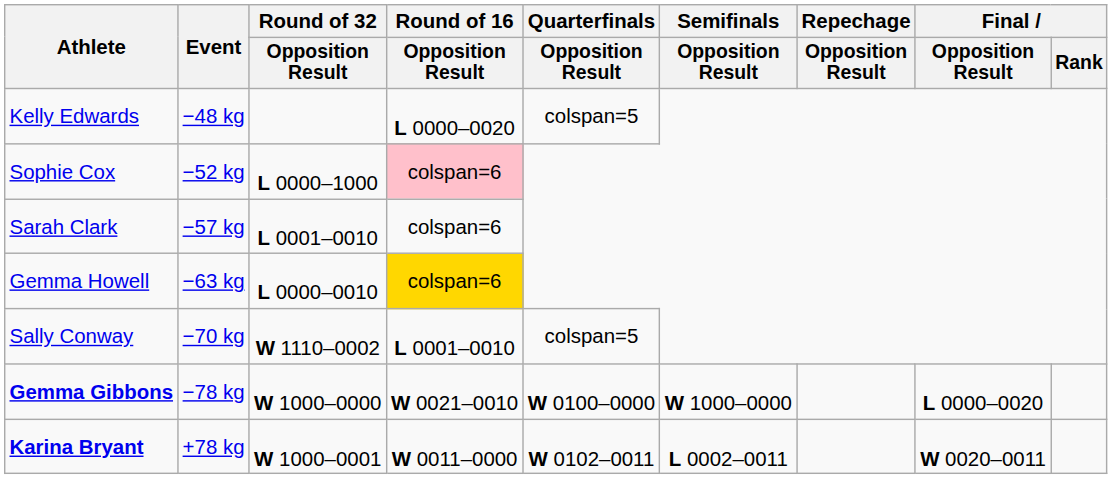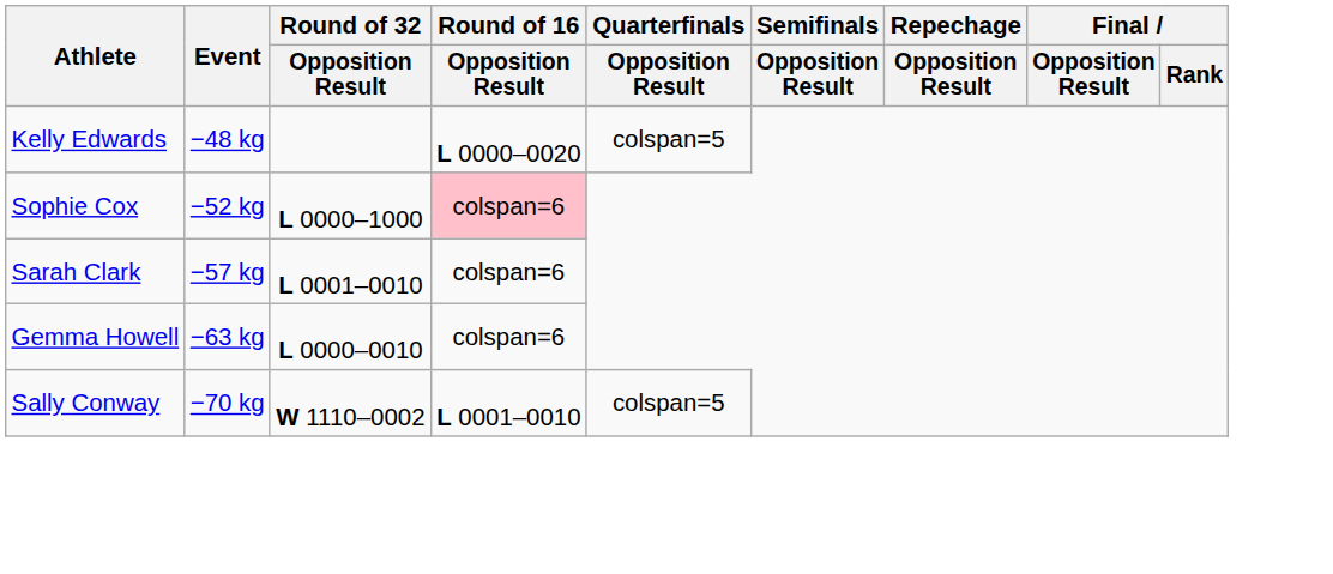 <table class="wikitable" style="text-align:center; font-size:90%;">
 <tr>
 <th rowspan=2>Athlete</th>
 <th rowspan=2>Event</th>
 <th>Round of 32</th>
 <th>Round of 16</th>
 <th>Quarterfinals</th>
 <th>Semifinals</th>
 <th>Repechage</th>
 <th colspan=2>Final / </th>
 </tr>
 <tr style="font-size:95%">
 <th>Opposition<br>Result</th>
 <th>Opposition<br>Result</th>
 <th>Opposition<br>Result</th>
 <th>Opposition<br>Result</th>
 <th>Opposition<br>Result</th>
 <th>Opposition<br>Result</th>
 <th>Rank</th>
 </tr>
 <tr>
 <td style="text-align:left;"><a href='#'>Kelly Edwards</a></td>
 <td style="text-align:left;"><a href='#'>−48 kg</a></td>
 <td></td>
 <td><br><strong>L</strong> 0000–0020</td>
 <td>colspan=5 </td>
 </tr>
 <tr>
 <td style="text-align:left;"><a href='#'>Sophie Cox</a></td>
 <td style="text-align:left;"><a href='#'>−52 kg</a></td>
 <td><br><strong>L</strong> 0000–1000</td>
 <td style="background: pink;">colspan=6 </td>
 </tr>
 <tr>
 <td style="text-align:left;"><a href='#'>Sarah Clark</a></td>
 <td style="text-align:left;"><a href='#'>−57 kg</a></td>
 <td><br><strong>L</strong> 0001–0010</td>
 <td>colspan=6 </td>
 </tr>
 <tr>
 <td style="text-align:left;"><a href='#'>Gemma Howell</a></td>
 <td style="text-align:left;"><a href='#'>−63 kg</a></td>
 <td><br><strong>L</strong> 0000–0010</td>
-<td style="background: gold;">colspan=6 </td>
+<td>colspan=6 </td>
 </tr>
 <tr>
 <td style="text-align:left;"><a href='#'>Sally Conway</a></td>
 <td style="text-align:left;"><a href='#'>−70 kg</a></td>
 <td><br><strong>W</strong> 1110–0002</td>
 <td><br><strong>L</strong> 0001–0010</td>
 <td>colspan=5 </td>
 </tr>
-<tr>
-<td style="text-align:left;"><strong><a href='#'>Gemma Gibbons</a></strong></td>
-<td style="text-align:left;"><a href='#'>−78 kg</a></td>
-<td><br><strong>W</strong> 1000–0000</td>
-<td><br><strong>W</strong> 0021–0010</td>
-<td><br><strong>W</strong> 0100–0000</td>
-<td><br><strong>W</strong> 1000–0000</td>
-<td></td>
-<td><br><strong>L</strong> 0000–0020</td>
-<td></td>
-</tr>
-<tr>
-<td style="text-align:left;"><strong><a href='#'>Karina Bryant</a></strong></td>
-<td style="text-align:left;"><a href='#'>+78 kg</a></td>
-<td><br><strong>W</strong> 1000–0001</td>
-<td><br><strong>W</strong> 0011–0000</td>
-<td><br><strong>W</strong> 0102–0011</td>
-<td><br><strong>L</strong> 0002–0011</td>
-<td></td>
-<td><br><strong>W</strong> 0020–0011</td>
-<td></td>
-</tr>
 </table>
